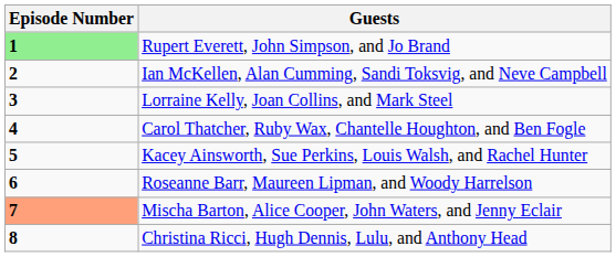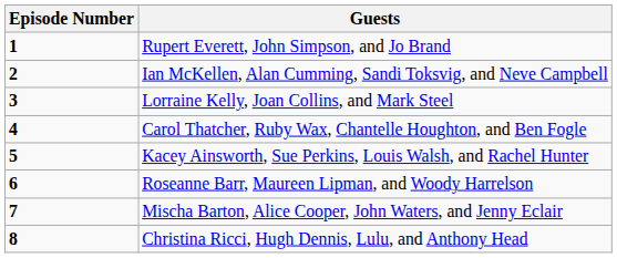 <table class="wikitable">
 <tr>
 <th>Episode Number</th>
 <th>Guests</th>
 </tr>
 <tr>
-<td style="background: lightgreen;"><strong>1</strong></td>
+<td><strong>1</strong></td>
 <td><a href='#'>Rupert Everett</a>, <a href='#'>John Simpson</a>, and <a href='#'>Jo Brand</a></td>
 </tr>
 <tr>
 <td><strong>2</strong></td>
 <td><a href='#'>Ian McKellen</a>, <a href='#'>Alan Cumming</a>, <a href='#'>Sandi Toksvig</a>, and <a href='#'>Neve Campbell</a></td>
 </tr>
 <tr>
 <td><strong>3</strong></td>
 <td><a href='#'>Lorraine Kelly</a>, <a href='#'>Joan Collins</a>, and <a href='#'>Mark Steel</a></td>
 </tr>
 <tr>
 <td><strong>4</strong></td>
 <td><a href='#'>Carol Thatcher</a>,  <a href='#'>Ruby Wax</a>, <a href='#'>Chantelle Houghton</a>, and <a href='#'>Ben Fogle</a></td>
 </tr>
 <tr>
 <td><strong>5</strong></td>
 <td><a href='#'>Kacey Ainsworth</a>, <a href='#'>Sue Perkins</a>, <a href='#'>Louis Walsh</a>, and <a href='#'>Rachel Hunter</a></td>
 </tr>
 <tr>
 <td><strong>6</strong></td>
 <td><a href='#'>Roseanne Barr</a>, <a href='#'>Maureen Lipman</a>, and <a href='#'>Woody Harrelson</a></td>
 </tr>
 <tr>
-<td style="background: lightsalmon;"><strong>7</strong></td>
+<td><strong>7</strong></td>
 <td><a href='#'>Mischa Barton</a>, <a href='#'>Alice Cooper</a>, <a href='#'>John Waters</a>, and <a href='#'>Jenny Eclair</a></td>
 </tr>
 <tr>
 <td><strong>8</strong></td>
 <td><a href='#'>Christina Ricci</a>, <a href='#'>Hugh Dennis</a>, <a href='#'>Lulu</a>, and <a href='#'>Anthony Head</a></td>
 </tr>
 </table>
